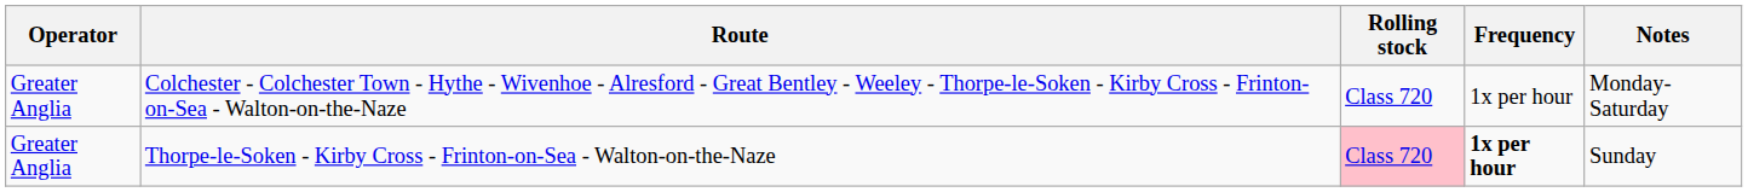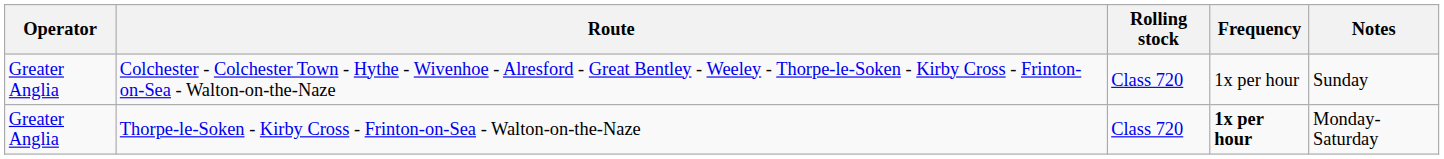 <table class="wikitable vatop">
 <tr>
 <th>Operator</th>
 <th>Route</th>
 <th>Rolling stock</th>
 <th>Frequency</th>
 <th>Notes</th>
 </tr>
 <tr>
 <td><a href='#'>Greater Anglia</a></td>
 <td><a href='#'>Colchester</a> - <a href='#'>Colchester Town</a> - <a href='#'>Hythe</a> - <a href='#'>Wivenhoe</a> - <a href='#'>Alresford</a> - <a href='#'>Great Bentley</a> - <a href='#'>Weeley</a> - <a href='#'>Thorpe-le-Soken</a> - <a href='#'>Kirby Cross</a> - <a href='#'>Frinton-on-Sea</a> - Walton-on-the-Naze</td>
 <td><a href='#'>Class 720</a></td>
 <td>1x per hour</td>
-<td>Monday-Saturday</td>
+<td>Sunday</td>
 </tr>
 <tr>
 <td><a href='#'>Greater Anglia</a></td>
 <td><a href='#'>Thorpe-le-Soken</a> - <a href='#'>Kirby Cross</a> - <a href='#'>Frinton-on-Sea</a> - Walton-on-the-Naze</td>
-<td style="background: pink;"><a href='#'>Class 720</a></td>
+<td><a href='#'>Class 720</a></td>
 <td><strong>1x per hour</strong></td>
-<td>Sunday</td>
+<td>Monday-Saturday</td>
 </tr>
 </table>
